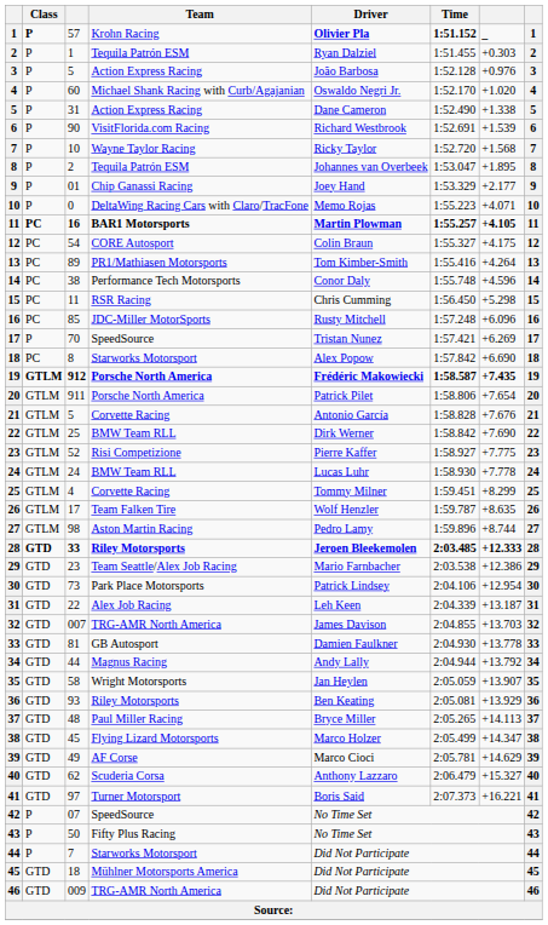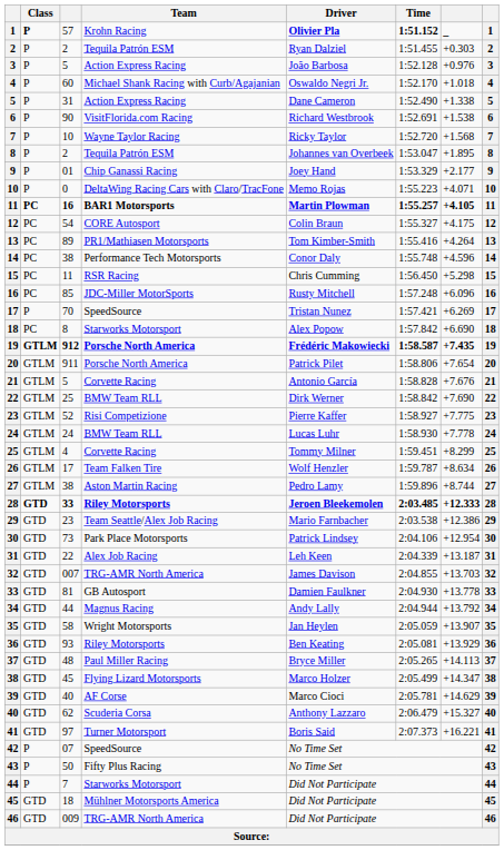 <table class="wikitable">
 <tr>
 <th scope="col"></th>
 <th scope="col">Class</th>
 <th scope="col"></th>
 <th scope="col">Team</th>
 <th scope="col">Driver</th>
 <th scope="col">Time</th>
 <th scope="col"></th>
 <th scope="col"></th>
 </tr>
 <tr>
 <th scope="row">1</th>
 <td><strong>P</strong></td>
 <td>57</td>
 <td> <a href='#'>Krohn Racing</a></td>
 <td><strong> <a href='#'>Olivier Pla</a></strong></td>
 <td><strong>1:51.152</strong></td>
 <td><strong>_</strong></td>
 <th><strong>1 </strong></th>
 </tr>
 <tr>
 <th scope="row">2</th>
 <td>P</td>
-<td>1</td>
+<td>2</td>
 <td> <a href='#'>Tequila Patrón ESM</a></td>
 <td> <a href='#'>Ryan Dalziel</a></td>
 <td>1:51.455</td>
 <td>+0.303</td>
 <th>2</th>
 </tr>
 <tr>
 <th scope="row">3</th>
 <td>P</td>
 <td>5</td>
 <td> <a href='#'>Action Express Racing</a></td>
 <td> <a href='#'>João Barbosa</a></td>
 <td>1:52.128</td>
 <td>+0.976</td>
 <th>3</th>
 </tr>
 <tr>
 <th scope="row">4</th>
 <td>P</td>
 <td>60</td>
 <td> <a href='#'>Michael Shank Racing</a> with <a href='#'>Curb/Agajanian</a></td>
 <td> <a href='#'>Oswaldo Negri Jr.</a></td>
 <td>1:52.170</td>
-<td>+1.020</td>
+<td>+1.018</td>
 <th>4</th>
 </tr>
 <tr>
 <th scope="row">5</th>
 <td>P</td>
 <td>31</td>
 <td> <a href='#'>Action Express Racing</a></td>
 <td> <a href='#'>Dane Cameron</a></td>
 <td>1:52.490</td>
 <td>+1.338</td>
 <th>5</th>
 </tr>
 <tr>
 <th scope="row">6</th>
 <td>P</td>
 <td>90</td>
 <td> <a href='#'>VisitFlorida.com Racing</a></td>
 <td> <a href='#'>Richard Westbrook</a></td>
 <td>1:52.691</td>
-<td>+1.539</td>
+<td>+1.538</td>
 <th>6</th>
 </tr>
 <tr>
 <th scope="row">7</th>
 <td>P</td>
 <td>10</td>
 <td> <a href='#'>Wayne Taylor Racing</a></td>
 <td> <a href='#'>Ricky Taylor</a></td>
 <td>1:52.720</td>
 <td>+1.568</td>
 <th>7</th>
 </tr>
 <tr>
 <th scope="row">8</th>
 <td>P</td>
 <td>2</td>
 <td> <a href='#'>Tequila Patrón ESM</a></td>
 <td> <a href='#'>Johannes van Overbeek</a></td>
 <td>1:53.047</td>
 <td>+1.895</td>
 <th>8</th>
 </tr>
 <tr>
 <th scope="row">9</th>
 <td>P</td>
 <td>01</td>
 <td> <a href='#'>Chip Ganassi Racing</a></td>
 <td> <a href='#'>Joey Hand</a></td>
 <td>1:53.329</td>
 <td>+2.177</td>
 <th>9</th>
 </tr>
 <tr>
 <th scope="row">10</th>
 <td>P</td>
 <td>0</td>
 <td> <a href='#'>DeltaWing Racing Cars</a> with <a href='#'>Claro</a>/<a href='#'>TracFone</a></td>
 <td> <a href='#'>Memo Rojas</a></td>
 <td>1:55.223</td>
 <td>+4.071</td>
 <th><strong>10</strong></th>
 </tr>
 <tr>
 <th scope="row">11</th>
 <td><strong>PC</strong></td>
 <td><strong>16</strong></td>
 <td><strong> BAR1 Motorsports</strong></td>
 <td><strong> <a href='#'>Martin Plowman</a></strong></td>
 <td><strong>1:55.257</strong></td>
 <td><strong>+4.105</strong></td>
 <th>11</th>
 </tr>
 <tr>
 <th scope="row">12</th>
 <td>PC</td>
 <td>54</td>
 <td> <a href='#'>CORE Autosport</a></td>
 <td> <a href='#'>Colin Braun</a></td>
 <td>1:55.327</td>
 <td>+4.175</td>
 <th>12</th>
 </tr>
 <tr>
 <th scope="row">13</th>
 <td>PC</td>
 <td>89</td>
 <td> <a href='#'>PR1/Mathiasen Motorsports</a></td>
 <td> <a href='#'>Tom Kimber-Smith</a></td>
 <td>1:55.416</td>
 <td>+4.264</td>
 <th><strong>13</strong></th>
 </tr>
 <tr>
 <th scope="row">14</th>
 <td>PC</td>
 <td>38</td>
 <td> Performance Tech Motorsports</td>
 <td> <a href='#'>Conor Daly</a></td>
 <td>1:55.748</td>
 <td>+4.596</td>
 <th>14</th>
 </tr>
 <tr>
 <th scope="row">15</th>
 <td>PC</td>
 <td>11</td>
 <td> <a href='#'>RSR Racing</a></td>
 <td> Chris Cumming</td>
 <td>1:56.450</td>
 <td>+5.298</td>
 <th>15</th>
 </tr>
 <tr>
 <th scope="row">16</th>
 <td>PC</td>
 <td>85</td>
 <td> <a href='#'>JDC-Miller MotorSports</a></td>
 <td> <a href='#'>Rusty Mitchell</a></td>
 <td>1:57.248</td>
 <td>+6.096</td>
 <th>16</th>
 </tr>
 <tr>
 <th scope="row">17</th>
 <td>P</td>
 <td>70</td>
 <td> SpeedSource</td>
 <td> <a href='#'>Tristan Nunez</a></td>
 <td>1:57.421</td>
 <td>+6.269</td>
 <th>17</th>
 </tr>
 <tr>
 <th scope="row">18</th>
 <td>PC</td>
 <td>8</td>
 <td> <a href='#'>Starworks Motorsport</a></td>
 <td> <a href='#'>Alex Popow</a></td>
 <td>1:57.842</td>
 <td>+6.690</td>
 <th>18</th>
 </tr>
 <tr>
 <th scope="row">19</th>
 <td><strong>GTLM</strong></td>
 <td><strong>912</strong></td>
 <td><strong> <a href='#'>Porsche North America</a></strong></td>
 <td><strong> <a href='#'>Frédéric Makowiecki</a></strong></td>
 <td><strong>1:58.587</strong></td>
 <td><strong>+7.435</strong></td>
 <th>19</th>
 </tr>
 <tr>
 <th scope="row">20</th>
 <td>GTLM</td>
 <td>911</td>
 <td> <a href='#'>Porsche North America</a></td>
 <td> <a href='#'>Patrick Pilet</a></td>
 <td>1:58.806</td>
 <td>+7.654</td>
 <th>20</th>
 </tr>
 <tr>
 <th scope="row">21</th>
 <td>GTLM</td>
 <td>5</td>
 <td> <a href='#'>Corvette Racing</a></td>
 <td> <a href='#'>Antonio García</a></td>
 <td>1:58.828</td>
 <td>+7.676</td>
 <th>21</th>
 </tr>
 <tr>
 <th scope="row">22</th>
 <td>GTLM</td>
 <td>25</td>
 <td> <a href='#'>BMW Team RLL</a></td>
 <td> <a href='#'>Dirk Werner</a></td>
 <td>1:58.842</td>
 <td>+7.690</td>
 <th>22</th>
 </tr>
 <tr>
 <th scope="row">23</th>
 <td>GTLM</td>
 <td>52</td>
 <td> <a href='#'>Risi Competizione</a></td>
 <td> <a href='#'>Pierre Kaffer</a></td>
 <td>1:58.927</td>
 <td>+7.775</td>
 <th>23</th>
 </tr>
 <tr>
 <th scope="row">24</th>
 <td>GTLM</td>
 <td>24</td>
 <td> <a href='#'>BMW Team RLL</a></td>
 <td> <a href='#'>Lucas Luhr</a></td>
 <td>1:58.930</td>
 <td>+7.778</td>
 <th>24</th>
 </tr>
 <tr>
 <th scope="row">25</th>
 <td>GTLM</td>
 <td>4</td>
 <td> <a href='#'>Corvette Racing</a></td>
 <td> <a href='#'>Tommy Milner</a></td>
 <td>1:59.451</td>
 <td>+8.299</td>
 <th>25</th>
 </tr>
 <tr>
 <th scope="row">26</th>
 <td>GTLM</td>
 <td>17</td>
 <td> <a href='#'>Team Falken Tire</a></td>
 <td> <a href='#'>Wolf Henzler</a></td>
 <td>1:59.787</td>
-<td>+8.635</td>
+<td>+8.634</td>
 <th>26</th>
 </tr>
 <tr>
 <th scope="row">27</th>
 <td>GTLM</td>
-<td>98</td>
+<td>38</td>
 <td> <a href='#'>Aston Martin Racing</a></td>
 <td> <a href='#'>Pedro Lamy</a></td>
 <td>1:59.896</td>
 <td>+8.744</td>
 <th>27</th>
 </tr>
 <tr>
 <th scope="row">28</th>
 <td><strong>GTD</strong></td>
 <td><strong>33</strong></td>
 <td><strong> <a href='#'>Riley Motorsports</a></strong></td>
 <td><strong> <a href='#'>Jeroen Bleekemolen</a></strong></td>
 <td><strong>2:03.485</strong></td>
 <td><strong>+12.333</strong></td>
 <th>28</th>
 </tr>
 <tr>
 <th scope="row">29</th>
 <td>GTD</td>
 <td>23</td>
 <td> <a href='#'>Team Seattle</a>/<a href='#'>Alex Job Racing</a></td>
 <td> <a href='#'>Mario Farnbacher</a></td>
 <td>2:03.538</td>
 <td>+12.386</td>
 <th>29</th>
 </tr>
 <tr>
 <th scope="row">30</th>
 <td>GTD</td>
 <td>73</td>
 <td> Park Place Motorsports</td>
 <td> <a href='#'>Patrick Lindsey</a></td>
 <td>2:04.106</td>
 <td>+12.954</td>
 <th>30</th>
 </tr>
 <tr>
 <th scope="row">31</th>
 <td>GTD</td>
 <td>22</td>
 <td> <a href='#'>Alex Job Racing</a></td>
 <td> <a href='#'>Leh Keen</a></td>
 <td>2:04.339</td>
 <td>+13.187</td>
 <th>31</th>
 </tr>
 <tr>
 <th scope="row">32</th>
 <td>GTD</td>
 <td>007</td>
 <td> <a href='#'>TRG-AMR North America</a></td>
 <td> <a href='#'>James Davison</a></td>
 <td>2:04.855</td>
 <td>+13.703</td>
 <th>32</th>
 </tr>
 <tr>
 <th scope="row">33</th>
 <td>GTD</td>
 <td>81</td>
 <td> GB Autosport</td>
 <td> <a href='#'>Damien Faulkner</a></td>
 <td>2:04.930</td>
 <td>+13.778</td>
 <th>33</th>
 </tr>
 <tr>
 <th scope="row">34</th>
 <td>GTD</td>
 <td>44</td>
 <td> <a href='#'>Magnus Racing</a></td>
 <td> <a href='#'>Andy Lally</a></td>
 <td>2:04.944</td>
 <td>+13.792</td>
 <th>34</th>
 </tr>
 <tr>
 <th scope="row">35</th>
 <td>GTD</td>
 <td>58</td>
 <td> Wright Motorsports</td>
 <td> <a href='#'>Jan Heylen</a></td>
 <td>2:05.059</td>
 <td>+13.907</td>
 <th>35</th>
 </tr>
 <tr>
 <th scope="row">36</th>
 <td>GTD</td>
 <td>93</td>
 <td> <a href='#'>Riley Motorsports</a></td>
 <td> <a href='#'>Ben Keating</a></td>
 <td>2:05.081</td>
 <td>+13.929</td>
 <th>36</th>
 </tr>
 <tr>
 <th scope="row">37</th>
 <td>GTD</td>
 <td>48</td>
 <td> <a href='#'>Paul Miller Racing</a></td>
 <td> <a href='#'>Bryce Miller</a></td>
 <td>2:05.265</td>
 <td>+14.113</td>
 <th>37</th>
 </tr>
 <tr>
 <th scope="row">38</th>
 <td>GTD</td>
 <td>45</td>
 <td> <a href='#'>Flying Lizard Motorsports</a></td>
 <td> <a href='#'>Marco Holzer</a></td>
 <td>2:05.499</td>
 <td>+14.347</td>
 <th>38</th>
 </tr>
 <tr>
 <th scope="row">39</th>
 <td>GTD</td>
-<td>49</td>
+<td>40</td>
 <td> <a href='#'>AF Corse</a></td>
 <td> Marco Cioci</td>
 <td>2:05.781</td>
 <td>+14.629</td>
 <th>39</th>
 </tr>
 <tr>
 <th scope="row">40</th>
 <td>GTD</td>
 <td>62</td>
 <td> <a href='#'>Scuderia Corsa</a></td>
 <td> <a href='#'>Anthony Lazzaro</a></td>
 <td>2:06.479</td>
 <td>+15.327</td>
 <th>40</th>
 </tr>
 <tr>
 <th scope="row">41</th>
 <td>GTD</td>
 <td>97</td>
 <td> <a href='#'>Turner Motorsport</a></td>
 <td> <a href='#'>Boris Said</a></td>
 <td>2:07.373</td>
 <td>+16.221</td>
 <th>41</th>
 </tr>
 <tr>
 <th scope="row">42</th>
 <td>P</td>
 <td>07</td>
 <td> SpeedSource</td>
 <td colspan="3"><em>No Time Set</em></td>
 <th>42</th>
 </tr>
 <tr>
 <th scope="row">43</th>
 <td>P</td>
 <td>50</td>
 <td> Fifty Plus Racing</td>
 <td colspan="3"><em>No Time Set</em></td>
 <th>43</th>
 </tr>
 <tr>
 <th scope="row">44</th>
 <td>P</td>
 <td>7</td>
 <td> <a href='#'>Starworks Motorsport</a></td>
 <td colspan="3"><em>Did Not Participate</em></td>
 <th>44</th>
 </tr>
 <tr>
 <th scope="row">45</th>
 <td>GTD</td>
 <td>18</td>
 <td> <a href='#'>Mühlner Motorsports America</a></td>
 <td colspan="3"><em>Did Not Participate</em></td>
 <th>45</th>
 </tr>
 <tr>
 <th>46</th>
 <td>GTD</td>
 <td>009</td>
 <td> <a href='#'>TRG-AMR North America</a></td>
 <td colspan="3"><em>Did Not Participate</em></td>
 <th>46</th>
 </tr>
 <tr>
 <th colspan="8">Source:</th>
 </tr>
 <tr>
 </tr>
 </table>
